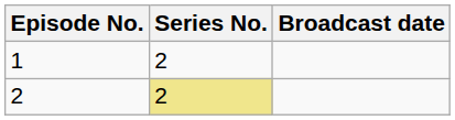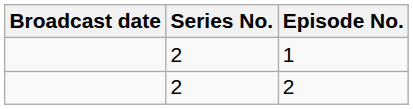 <table class="wikitable">
 <tr>
+<th>Broadcast date</th>
+<th>Series No.</th>
 <th>Episode No.</th>
-<th>Series No.</th>
-<th>Broadcast date</th>
 </tr>
 <tr>
+<td></td>
+<td>2</td>
 <td>1</td>
-<td>2</td>
-<td></td>
 </tr>
 <tr>
+<td></td>
 <td>2</td>
-<td style="background: khaki;">2</td>
-<td></td>
+<td>2</td>
 </tr>
 </table>
